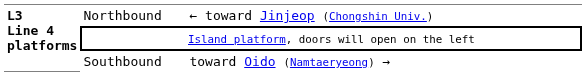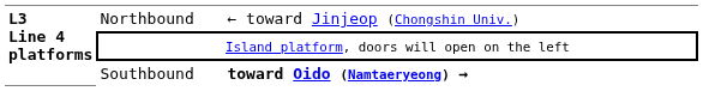 <table table border=0 cellspacing=0 cellpadding=3>
 <tr>
 <td style="border-top:solid 1px gray;border-bottom:solid 1px gray;" width=50 rowspan=10 valign=top><strong>L3<br>Line 4 platforms</strong></td>
 <td style="border-bottom:solid 0px gray;border-top:solid 1px gray;" width=100>Northbound</td>
 <td style="border-bottom:solid 0px gray;border-top:solid 1px gray;" width=390>←  toward <a href='#'>Jinjeop</a> <small>(<a href='#'>Chongshin Univ.</a>)</small></td>
 </tr>
 <tr>
 <td style="border-top:solid 2px black;border-right:solid 2px black;border-left:solid 2px black;border-bottom:solid 2px black;text-align:center;" colspan=2><small><a href='#'>Island platform</a>, doors will open on the left</small></td>
 </tr>
 <tr>
 <td>Southbound</td>
-<td>  toward <a href='#'>Oido</a> <small>(<a href='#'>Namtaeryeong</a>)</small> →</td>
+<td><strong>  toward <a href='#'>Oido</a> <small>(<a href='#'>Namtaeryeong</a>)</small> →</strong></td>
 </tr>
 </table>
